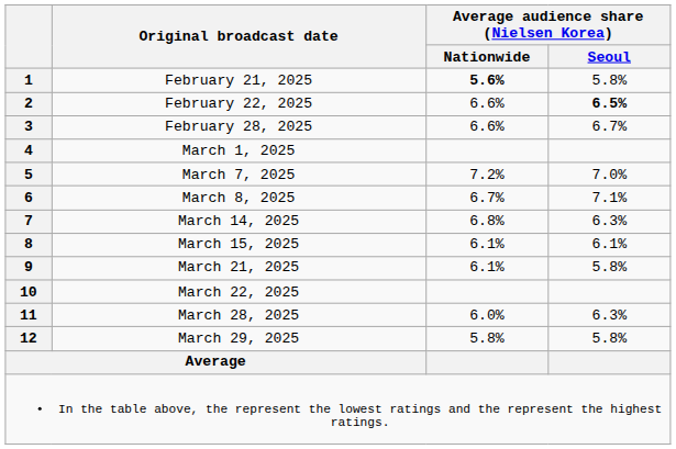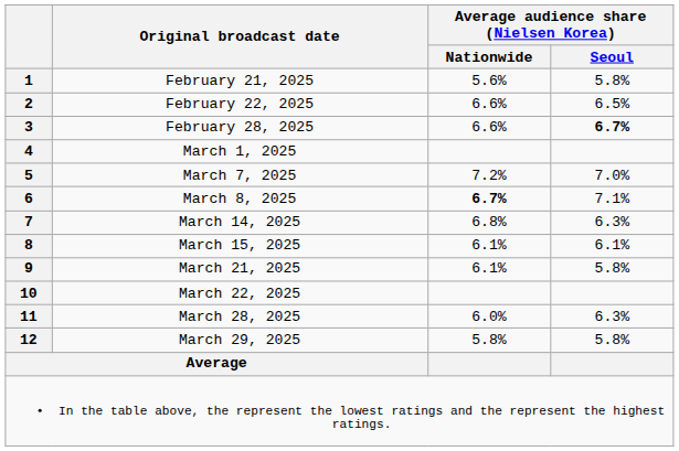 <table class="wikitable" style="margin-left:auto; margin-right:auto; width:600px; text-align:center">
 <tr>
 <th scope="col" rowspan="2"></th>
 <th scope="col" rowspan="2">Original broadcast date</th>
 <th scope="col" colspan="2">Average audience share<br>(<a href='#'>Nielsen Korea</a>)</th>
 </tr>
 <tr>
 <th scope="col" style="width:8em">Nationwide</th>
 <th scope="col" style="width:8em"><a href='#'>Seoul</a></th>
 </tr>
 <tr>
 <th scope="row">1</th>
 <td>February 21, 2025</td>
-<td><strong>5.6% </strong></td>
+<td>5.6% </td>
 <td>5.8% </td>
 </tr>
 <tr>
 <th scope="row">2</th>
 <td>February 22, 2025</td>
 <td>6.6% </td>
-<td><strong>6.5% </strong></td>
+<td>6.5% </td>
 </tr>
 <tr>
 <th scope="row">3</th>
 <td>February 28, 2025</td>
 <td>6.6% </td>
-<td>6.7% </td>
+<td><strong>6.7% </strong></td>
 </tr>
 <tr>
 <th scope="row">4</th>
 <td>March 1, 2025</td>
 <td><strong></strong> </td>
 <td><strong></strong> </td>
 </tr>
 <tr>
 <th scope="row">5</th>
 <td>March 7, 2025</td>
 <td>7.2% </td>
 <td>7.0% </td>
 </tr>
 <tr>
 <th scope="row">6</th>
 <td>March 8, 2025</td>
-<td>6.7% </td>
+<td><strong>6.7% </strong></td>
 <td>7.1% </td>
 </tr>
 <tr>
 <th scope="row">7</th>
 <td>March 14, 2025</td>
 <td>6.8% </td>
 <td>6.3% </td>
 </tr>
 <tr>
 <th scope="row">8</th>
 <td>March 15, 2025</td>
 <td>6.1% </td>
 <td>6.1% </td>
 </tr>
 <tr>
 <th scope="row">9</th>
 <td>March 21, 2025</td>
 <td>6.1% </td>
 <td>5.8% </td>
 </tr>
 <tr>
 <th scope="row">10</th>
 <td>March 22, 2025</td>
 <td><strong></strong> </td>
 <td><strong></strong> </td>
 </tr>
 <tr>
 <th scope="row">11</th>
 <td>March 28, 2025</td>
 <td>6.0% </td>
 <td>6.3% </td>
 </tr>
 <tr>
 <th scope="row">12</th>
 <td>March 29, 2025</td>
 <td>5.8% </td>
 <td>5.8% </td>
 </tr>
 <tr>
 <th scope="col" colspan="2">Average</th>
 <th scope="col"></th>
 <th scope="col"></th>
 </tr>
 <tr>
 <td colspan="5" style="font-size:85%"><br><ul><li>In the table above, the <strong></strong> represent the lowest ratings and the <strong></strong> represent the highest ratings.</li></ul></td>
 </tr>
 </table>
